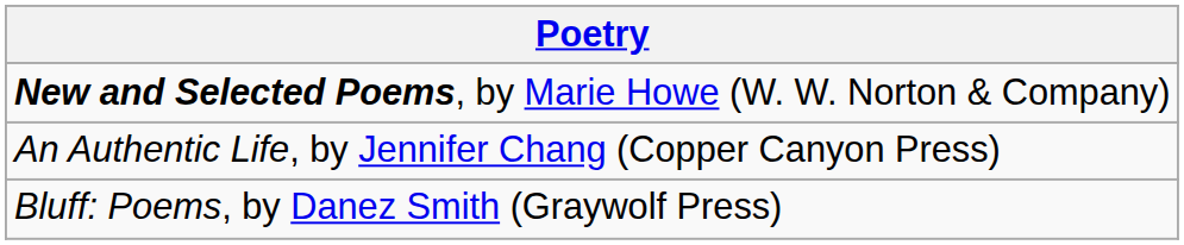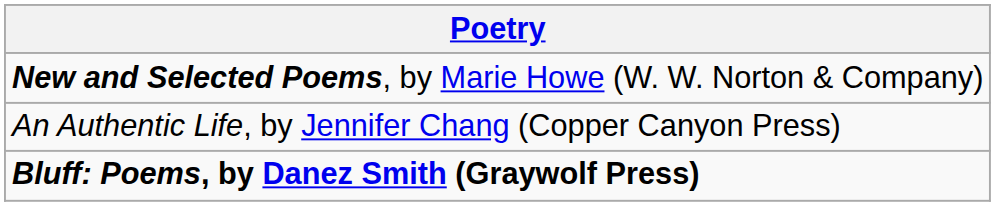 <table class="wikitable" style="float:left; float:none;">
 <tr>
 <th><a href='#'>Poetry</a></th>
 </tr>
 <tr>
 <td><strong><em>New and Selected Poems</em></strong>, by <a href='#'>Marie Howe</a> (W. W. Norton & Company)</td>
 </tr>
 <tr>
 <td><em>An Authentic Life</em>, by <a href='#'>Jennifer Chang</a> (Copper Canyon Press)</td>
 </tr>
 <tr>
-<td><em>Bluff: Poems</em>, by <a href='#'>Danez Smith</a> (Graywolf Press)</td>
+<td><strong><em>Bluff: Poems</em>, by <a href='#'>Danez Smith</a> (Graywolf Press)</strong></td>
 </tr>
 </table>
